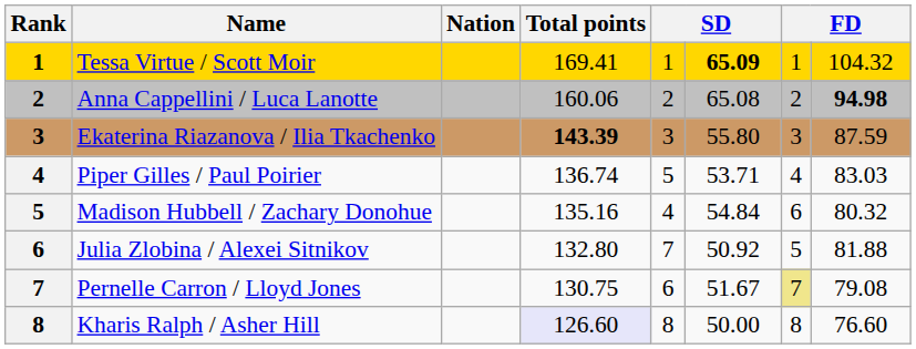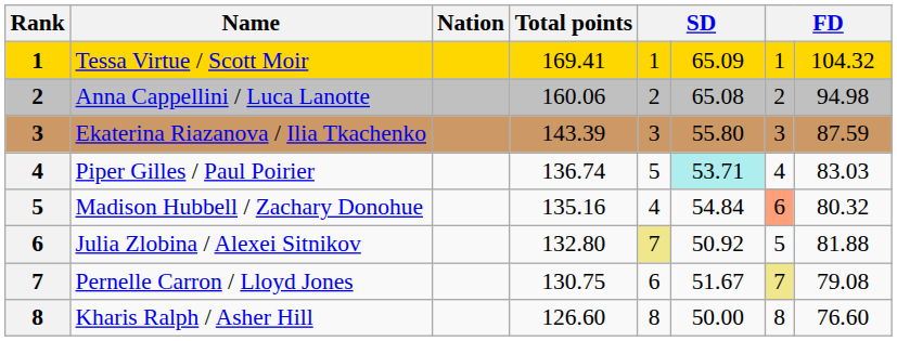 <table class="wikitable sortable">
 <tr>
 <th>Rank</th>
 <th>Name</th>
 <th>Nation</th>
 <th>Total points</th>
 <th colspan="2" width="80px"><a href='#'>SD</a></th>
 <th colspan="2" width="80px"><a href='#'>FD</a></th>
 </tr>
 <tr bgcolor="gold">
 <td align="center"><strong>1</strong></td>
 <td><a href='#'>Tessa Virtue</a> / <a href='#'>Scott Moir</a></td>
 <td></td>
 <td align="center">169.41</td>
 <td align="center">1</td>
-<td align="center"><strong>65.09</strong></td>
+<td align="center">65.09</td>
 <td align="center">1</td>
 <td align="center">104.32</td>
 </tr>
 <tr bgcolor="silver">
 <td align="center"><strong>2</strong></td>
 <td><a href='#'>Anna Cappellini</a> / <a href='#'>Luca Lanotte</a></td>
 <td></td>
 <td align="center">160.06</td>
 <td align="center">2</td>
 <td align="center">65.08</td>
 <td align="center">2</td>
-<td align="center"><strong>94.98</strong></td>
+<td align="center">94.98</td>
 </tr>
 <tr bgcolor="cc9966">
 <td align="center"><strong>3</strong></td>
 <td><a href='#'>Ekaterina Riazanova</a> / <a href='#'>Ilia Tkachenko</a></td>
 <td></td>
-<td align="center"><strong>143.39</strong></td>
+<td align="center">143.39</td>
 <td align="center">3</td>
 <td align="center">55.80</td>
 <td align="center">3</td>
 <td align="center">87.59</td>
 </tr>
 <tr>
 <th>4</th>
 <td><a href='#'>Piper Gilles</a> / <a href='#'>Paul Poirier</a></td>
 <td></td>
 <td align="center">136.74</td>
 <td align="center">5</td>
-<td align="center">53.71</td>
+<td align="center" style="background: paleturquoise;">53.71</td>
 <td align="center">4</td>
 <td align="center">83.03</td>
 </tr>
 <tr>
 <th>5</th>
 <td><a href='#'>Madison Hubbell</a> / <a href='#'>Zachary Donohue</a></td>
 <td></td>
 <td align="center">135.16</td>
 <td align="center">4</td>
 <td align="center">54.84</td>
-<td align="center">6</td>
+<td align="center" style="background: lightsalmon;">6</td>
 <td align="center">80.32</td>
 </tr>
 <tr>
 <th>6</th>
 <td><a href='#'>Julia Zlobina</a> / <a href='#'>Alexei Sitnikov</a></td>
 <td></td>
 <td align="center">132.80</td>
-<td align="center">7</td>
+<td align="center" style="background: khaki;">7</td>
 <td align="center">50.92</td>
 <td align="center">5</td>
 <td align="center">81.88</td>
 </tr>
 <tr>
 <th>7</th>
 <td><a href='#'>Pernelle Carron</a> / <a href='#'>Lloyd Jones</a></td>
 <td></td>
 <td align="center">130.75</td>
 <td align="center">6</td>
 <td align="center">51.67</td>
 <td align="center" style="background: khaki;">7</td>
 <td align="center">79.08</td>
 </tr>
 <tr>
 <th>8</th>
 <td><a href='#'>Kharis Ralph</a> / <a href='#'>Asher Hill</a></td>
 <td></td>
-<td align="center" style="background: lavender;">126.60</td>
+<td align="center">126.60</td>
 <td align="center">8</td>
 <td align="center">50.00</td>
 <td align="center">8</td>
 <td align="center">76.60</td>
 </tr>
 </table>
